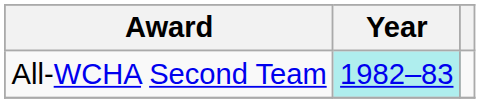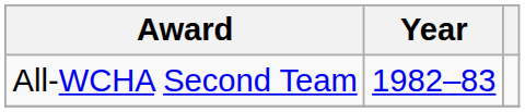 <table class="wikitable">
 <tr>
 <th>Award</th>
 <th>Year</th>
 <th></th>
 </tr>
 <tr>
 <td>All-<a href='#'>WCHA</a> <a href='#'>Second Team</a></td>
-<td style="background: paleturquoise;"><a href='#'>1982–83</a></td>
+<td><a href='#'>1982–83</a></td>
 <td></td>
 </tr>
 <tr>
 </tr>
 </table>
